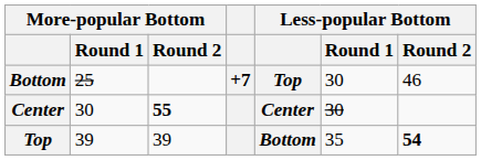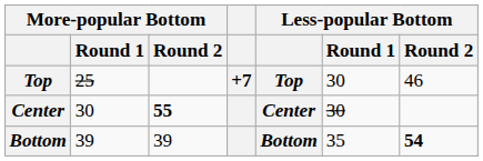 <table class="wikitable">
 <tr>
 <th colspan="3">More-popular Bottom</th>
 <th></th>
 <th colspan="3">Less-popular Bottom</th>
 </tr>
 <tr>
 <th></th>
 <th>Round 1</th>
 <th>Round 2</th>
 <th></th>
 <th></th>
 <th>Round 1</th>
 <th>Round 2</th>
 </tr>
 <tr>
-<th><strong><em>Bottom</em></strong></th>
+<th><strong><em>Top</em></strong></th>
 <td><s>25</s> </td>
 <td></td>
 <th>+7</th>
 <th><strong><em>Top</em></strong></th>
 <td>30</td>
 <td>46</td>
 </tr>
 <tr>
 <th><strong><em>Center</em></strong></th>
 <td>30</td>
 <td><strong>55</strong> </td>
 <th></th>
 <th><strong><em>Center</em></strong></th>
 <td><s>30 </s></td>
 <td></td>
 </tr>
 <tr>
-<th><strong><em>Top</em></strong></th>
+<th><strong><em>Bottom</em></strong></th>
 <td>39</td>
 <td>39</td>
 <th></th>
 <th><strong><em>Bottom</em></strong></th>
 <td>35</td>
 <td><strong>54 </strong></td>
 </tr>
 </table>
